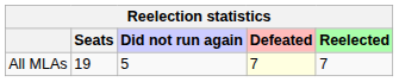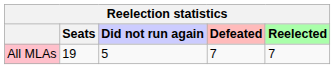 <table class=wikitable>
 <tr>
 <th colspan=5 align=center>Reelection statistics</th>
 </tr>
 <tr>
 <th></th>
 <th>Seats</th>
 <td bgcolor="#ccccff"><strong>Did not run again</strong></td>
 <td bgcolor="#ffbbbb"><strong>Defeated</strong></td>
 <td bgcolor="#aaffaa"><strong>Reelected</strong></td>
 </tr>
 <tr>
-<td>All MLAs</td>
+<td style="background: pink;">All MLAs</td>
 <td>19</td>
 <td>5</td>
-<td style="background: lightyellow;">7</td>
+<td>7</td>
 <td>7</td>
 </tr>
 </table>
